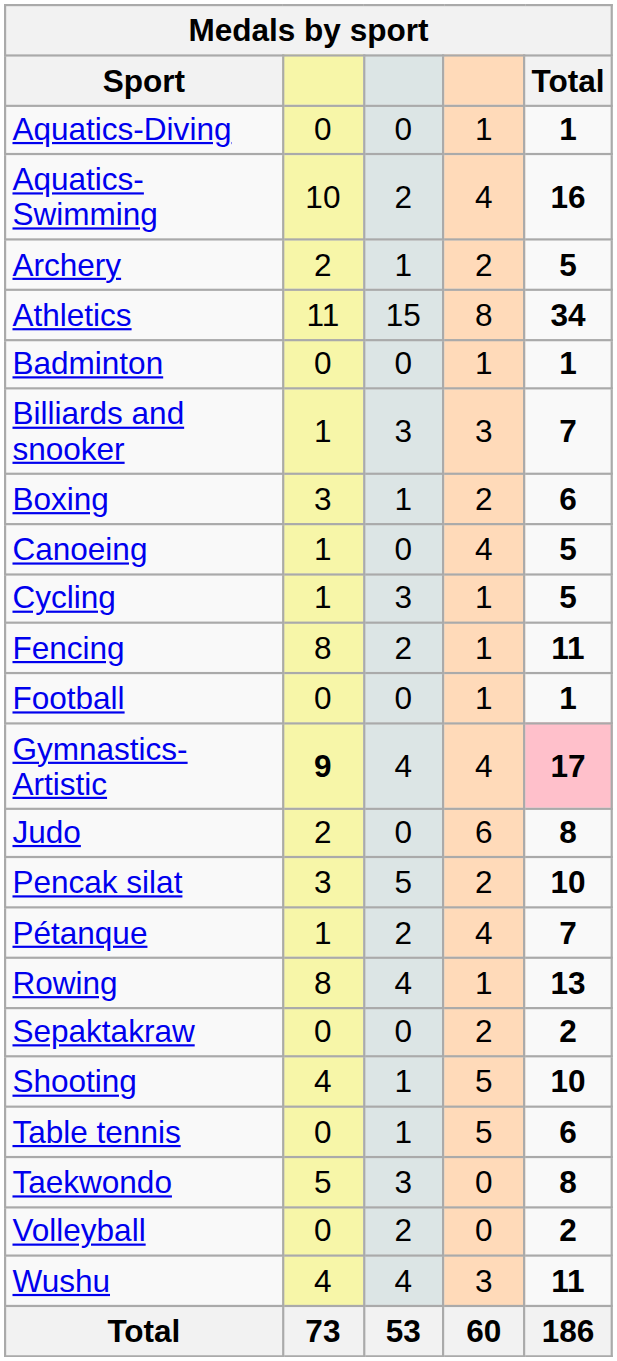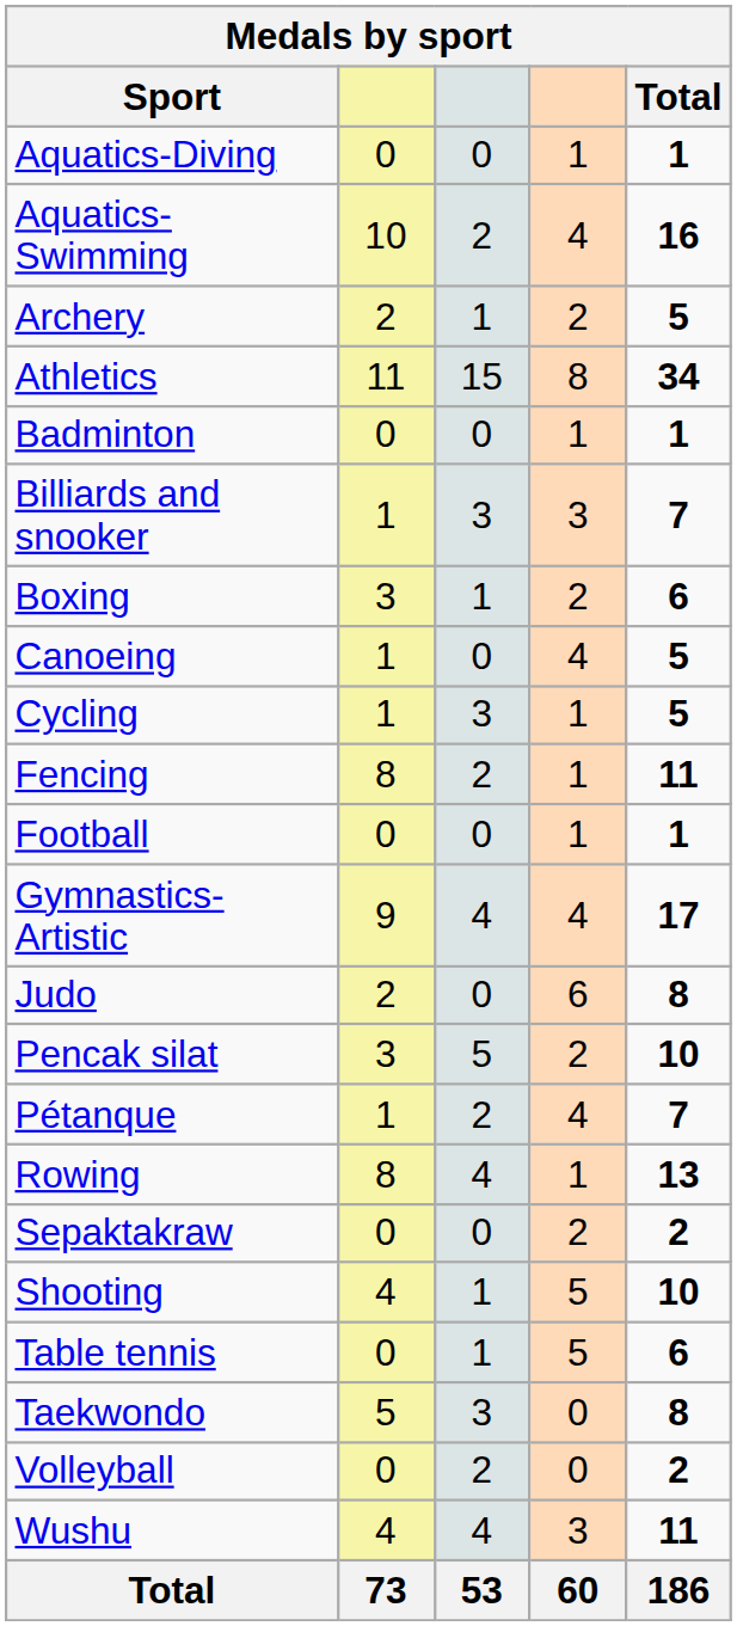 <table class="wikitable sortable" style="font-size:90%; text-align:center;">
 <tr>
 <th colspan=5>Medals by sport</th>
 </tr>
 <tr>
 <th width=120>Sport</th>
 <th scope="col sortable" width=30 style="background:#F7F6A8;"></th>
 <th scope="col" width=30 style="background:#DCE5E5;"></th>
 <th scope="col" width=30 style="background:#FFDAB9;"></th>
 <th width=30>Total</th>
 </tr>
 <tr>
 <td align=left><a href='#'>Aquatics-Diving</a></td>
 <td style="background:#F7F6A8;">0</td>
 <td style="background:#DCE5E5;">0</td>
 <td style="background:#FFDAB9;">1</td>
 <td><strong>1</strong></td>
 </tr>
 <tr>
 <td align=left><a href='#'>Aquatics-Swimming</a></td>
 <td style="background:#F7F6A8;">10</td>
 <td style="background:#DCE5E5;">2</td>
 <td style="background:#FFDAB9;">4</td>
 <td><strong>16</strong></td>
 </tr>
 <tr>
 <td align=left><a href='#'>Archery</a></td>
 <td style="background:#F7F6A8;">2</td>
 <td style="background:#DCE5E5;">1</td>
 <td style="background:#FFDAB9;">2</td>
 <td><strong>5</strong></td>
 </tr>
 <tr>
 <td align=left><a href='#'>Athletics</a></td>
 <td style="background:#F7F6A8;">11</td>
 <td style="background:#DCE5E5;">15</td>
 <td style="background:#FFDAB9;">8</td>
 <td><strong>34</strong></td>
 </tr>
 <tr>
 <td align=left><a href='#'>Badminton</a></td>
 <td style="background:#F7F6A8;">0</td>
 <td style="background:#DCE5E5;">0</td>
 <td style="background:#FFDAB9;">1</td>
 <td><strong>1</strong></td>
 </tr>
 <tr>
 <td align=left><a href='#'>Billiards and snooker</a></td>
 <td style="background:#F7F6A8;">1</td>
 <td style="background:#DCE5E5;">3</td>
 <td style="background:#FFDAB9;">3</td>
 <td><strong>7</strong></td>
 </tr>
 <tr>
 <td align=left><a href='#'>Boxing</a></td>
 <td style="background:#F7F6A8;">3</td>
 <td style="background:#DCE5E5;">1</td>
 <td style="background:#FFDAB9;">2</td>
 <td><strong>6</strong></td>
 </tr>
 <tr>
 <td align=left><a href='#'>Canoeing</a></td>
 <td style="background:#F7F6A8;">1</td>
 <td style="background:#DCE5E5;">0</td>
 <td style="background:#FFDAB9;">4</td>
 <td><strong>5</strong></td>
 </tr>
 <tr>
 <td align=left><a href='#'>Cycling</a></td>
 <td style="background:#F7F6A8;">1</td>
 <td style="background:#DCE5E5;">3</td>
 <td style="background:#FFDAB9;">1</td>
 <td><strong>5</strong></td>
 </tr>
 <tr>
 <td align=left><a href='#'>Fencing</a></td>
 <td style="background:#F7F6A8;">8</td>
 <td style="background:#DCE5E5;">2</td>
 <td style="background:#FFDAB9;">1</td>
 <td><strong>11</strong></td>
 </tr>
 <tr>
 <td align=left><a href='#'>Football</a></td>
 <td style="background:#F7F6A8;">0</td>
 <td style="background:#DCE5E5;">0</td>
 <td style="background:#FFDAB9;">1</td>
 <td><strong>1</strong></td>
 </tr>
 <tr>
 <td align=left><a href='#'>Gymnastics-Artistic</a></td>
-<td style="background:#F7F6A8;"><strong>9</strong></td>
+<td style="background:#F7F6A8;">9</td>
 <td style="background:#DCE5E5;">4</td>
 <td style="background:#FFDAB9;">4</td>
-<td style="background: pink;"><strong>17</strong></td>
+<td><strong>17</strong></td>
 </tr>
 <tr>
 <td align=left><a href='#'>Judo</a></td>
 <td style="background:#F7F6A8;">2</td>
 <td style="background:#DCE5E5;">0</td>
 <td style="background:#FFDAB9;">6</td>
 <td><strong>8</strong></td>
 </tr>
 <tr>
 <td align=left><a href='#'>Pencak silat</a></td>
 <td style="background:#F7F6A8;">3</td>
 <td style="background:#DCE5E5;">5</td>
 <td style="background:#FFDAB9;">2</td>
 <td><strong>10</strong></td>
 </tr>
 <tr>
 <td align=left><a href='#'>Pétanque</a></td>
 <td style="background:#F7F6A8;">1</td>
 <td style="background:#DCE5E5;">2</td>
 <td style="background:#FFDAB9;">4</td>
 <td><strong>7</strong></td>
 </tr>
 <tr>
 <td align=left><a href='#'>Rowing</a></td>
 <td style="background:#F7F6A8;">8</td>
 <td style="background:#DCE5E5;">4</td>
 <td style="background:#FFDAB9;">1</td>
 <td><strong>13</strong></td>
 </tr>
 <tr>
 <td align=left><a href='#'>Sepaktakraw</a></td>
 <td style="background:#F7F6A8;">0</td>
 <td style="background:#DCE5E5;">0</td>
 <td style="background:#FFDAB9;">2</td>
 <td><strong>2</strong></td>
 </tr>
 <tr>
 <td align=left><a href='#'>Shooting</a></td>
 <td style="background:#F7F6A8;">4</td>
 <td style="background:#DCE5E5;">1</td>
 <td style="background:#FFDAB9;">5</td>
 <td><strong>10</strong></td>
 </tr>
 <tr>
 <td align=left><a href='#'>Table tennis</a></td>
 <td style="background:#F7F6A8;">0</td>
 <td style="background:#DCE5E5;">1</td>
 <td style="background:#FFDAB9;">5</td>
 <td><strong>6</strong></td>
 </tr>
 <tr>
 <td align=left><a href='#'>Taekwondo</a></td>
 <td style="background:#F7F6A8;">5</td>
 <td style="background:#DCE5E5;">3</td>
 <td style="background:#FFDAB9;">0</td>
 <td><strong>8</strong></td>
 </tr>
 <tr>
 <td align=left><a href='#'>Volleyball</a></td>
 <td style="background:#F7F6A8;">0</td>
 <td style="background:#DCE5E5;">2</td>
 <td style="background:#FFDAB9;">0</td>
 <td><strong>2</strong></td>
 </tr>
 <tr>
 <td align=left><a href='#'>Wushu</a></td>
 <td style="background:#F7F6A8;">4</td>
 <td style="background:#DCE5E5;">4</td>
 <td style="background:#FFDAB9;">3</td>
 <td><strong>11</strong></td>
 </tr>
 <tr class="sortbottom">
 <th>Total</th>
 <th>73</th>
 <th>53</th>
 <th>60</th>
 <th>186</th>
 </tr>
 </table>
